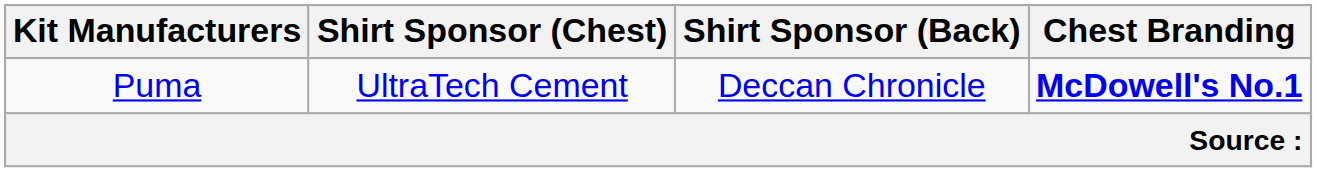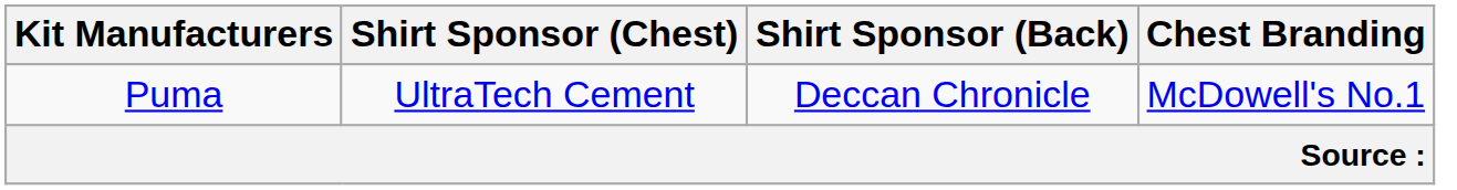 <table class="wikitable" style="text-align: center;">
 <tr>
 <th>Kit Manufacturers</th>
 <th>Shirt Sponsor (Chest)</th>
 <th>Shirt Sponsor (Back)</th>
 <th>Chest Branding</th>
 </tr>
 <tr>
 <td><a href='#'>Puma</a></td>
 <td><a href='#'>UltraTech Cement</a></td>
 <td><a href='#'>Deccan Chronicle</a></td>
-<td><strong><a href='#'>McDowell's No.1</a></strong></td>
+<td><a href='#'>McDowell's No.1</a></td>
 </tr>
 <tr>
 <th colspan="4" style="text-align:right;"><small>Source :</small></th>
 </tr>
 </table>
